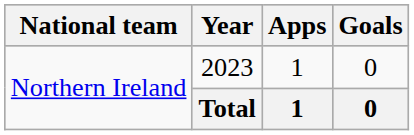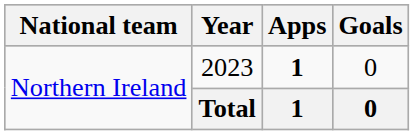 <table class="wikitable" style="text-align: center;">
 <tr>
 <th>National team</th>
 <th>Year</th>
 <th>Apps</th>
 <th>Goals</th>
 </tr>
 <tr>
 <td rowspan="8"><a href='#'>Northern Ireland</a></td>
 <td>2023</td>
-<td>1</td>
+<td><strong>1</strong></td>
 <td>0</td>
 </tr>
 <tr>
 <th>Total</th>
 <th>1</th>
 <th>0</th>
 </tr>
 </table>
